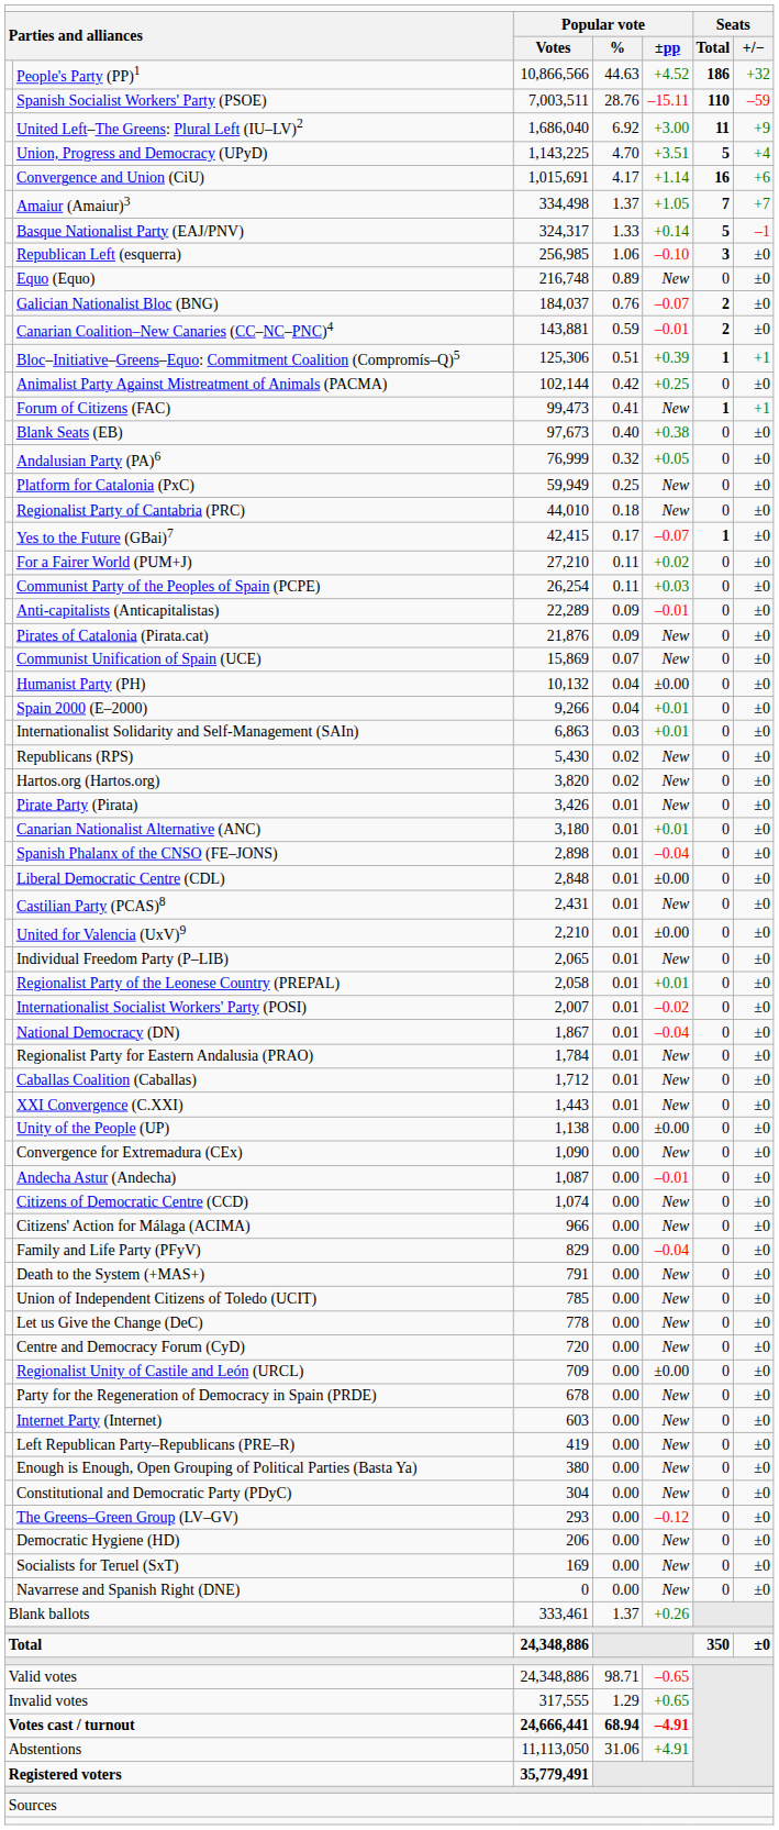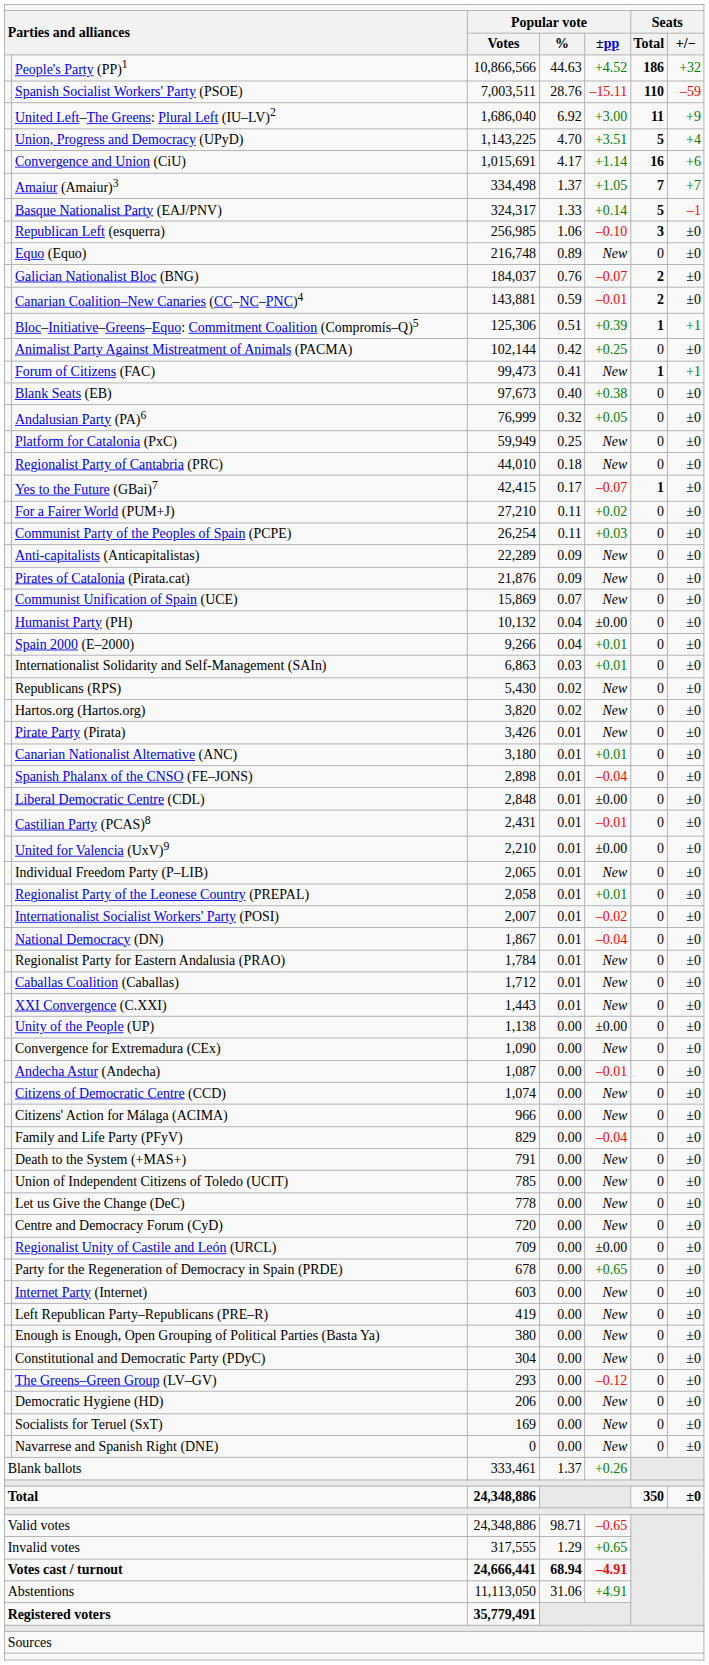 <table class="wikitable" style="text-align:right;">
 <tr>
 <td colspan="7"></td>
 </tr>
 <tr>
 <th style="text-align:left;" rowspan="2" colspan="2" width="525">Parties and alliances</th>
 <th colspan="3">Popular vote</th>
 <th colspan="2">Seats</th>
 </tr>
 <tr>
 <th width="75">Votes</th>
 <th width="45">%</th>
 <th width="45">±<a href='#'>pp</a></th>
 <th width="35">Total</th>
 <th width="35">+/−</th>
 </tr>
 <tr>
 <td width="1" style="color:inherit;background:"></td>
 <td align="left"><a href='#'>People's Party</a> (PP)<sup>1</sup></td>
 <td>10,866,566</td>
 <td>44.63</td>
 <td style="color:green;">+4.52</td>
 <td><strong>186</strong></td>
 <td style="color:green;">+32</td>
 </tr>
 <tr>
 <td style="color:inherit;background:"></td>
 <td align="left"><a href='#'>Spanish Socialist Workers' Party</a> (PSOE)</td>
 <td>7,003,511</td>
 <td>28.76</td>
 <td style="color:red;">–15.11</td>
 <td><strong>110</strong></td>
 <td style="color:red;">–59</td>
 </tr>
 <tr>
 <td style="color:inherit;background:"></td>
 <td align="left"><a href='#'>United Left</a>–<a href='#'>The Greens</a>: <a href='#'>Plural Left</a> (IU–LV)<sup>2</sup></td>
 <td>1,686,040</td>
 <td>6.92</td>
 <td style="color:green;">+3.00</td>
 <td><strong>11</strong></td>
 <td style="color:green;">+9</td>
 </tr>
 <tr>
 <td style="color:inherit;background:"></td>
 <td align="left"><a href='#'>Union, Progress and Democracy</a> (UPyD)</td>
 <td>1,143,225</td>
 <td>4.70</td>
 <td style="color:green;">+3.51</td>
 <td><strong>5</strong></td>
 <td style="color:green;">+4</td>
 </tr>
 <tr>
 <td style="color:inherit;background:"></td>
 <td align="left"><a href='#'>Convergence and Union</a> (CiU)</td>
 <td>1,015,691</td>
 <td>4.17</td>
 <td style="color:green;">+1.14</td>
 <td><strong>16</strong></td>
 <td style="color:green;">+6</td>
 </tr>
 <tr>
 <td style="color:inherit;background:"></td>
 <td align="left"><a href='#'>Amaiur</a> (Amaiur)<sup>3</sup></td>
 <td>334,498</td>
 <td>1.37</td>
 <td style="color:green;">+1.05</td>
 <td><strong>7</strong></td>
 <td style="color:green;">+7</td>
 </tr>
 <tr>
 <td style="color:inherit;background:"></td>
 <td align="left"><a href='#'>Basque Nationalist Party</a> (EAJ/PNV)</td>
 <td>324,317</td>
 <td>1.33</td>
 <td style="color:green;">+0.14</td>
 <td><strong>5</strong></td>
 <td style="color:red;">–1</td>
 </tr>
 <tr>
 <td style="color:inherit;background:"></td>
 <td align="left"><a href='#'>Republican Left</a> (esquerra)</td>
 <td>256,985</td>
 <td>1.06</td>
 <td style="color:red;">–0.10</td>
 <td><strong>3</strong></td>
 <td>±0</td>
 </tr>
 <tr>
 <td style="color:inherit;background:"></td>
 <td align="left"><a href='#'>Equo</a> (Equo)</td>
 <td>216,748</td>
 <td>0.89</td>
 <td><em>New</em></td>
 <td>0</td>
 <td>±0</td>
 </tr>
 <tr>
 <td style="color:inherit;background:"></td>
 <td align="left"><a href='#'>Galician Nationalist Bloc</a> (BNG)</td>
 <td>184,037</td>
 <td>0.76</td>
 <td style="color:red;">–0.07</td>
 <td><strong>2</strong></td>
 <td>±0</td>
 </tr>
 <tr>
 <td style="color:inherit;background:"></td>
 <td align="left"><a href='#'>Canarian Coalition–New Canaries</a> (<a href='#'>CC</a>–<a href='#'>NC</a>–<a href='#'>PNC</a>)<sup>4</sup></td>
 <td>143,881</td>
 <td>0.59</td>
 <td style="color:red;">–0.01</td>
 <td><strong>2</strong></td>
 <td>±0</td>
 </tr>
 <tr>
 <td style="color:inherit;background:"></td>
 <td align="left"><a href='#'>Bloc</a>–<a href='#'>Initiative</a>–<a href='#'>Greens</a>–<a href='#'>Equo</a>: <a href='#'>Commitment Coalition</a> (Compromís–Q)<sup>5</sup></td>
 <td>125,306</td>
 <td>0.51</td>
 <td style="color:green;">+0.39</td>
 <td><strong>1</strong></td>
 <td style="color:green;">+1</td>
 </tr>
 <tr>
 <td style="color:inherit;background:"></td>
 <td align="left"><a href='#'>Animalist Party Against Mistreatment of Animals</a> (PACMA)</td>
 <td>102,144</td>
 <td>0.42</td>
 <td style="color:green;">+0.25</td>
 <td>0</td>
 <td>±0</td>
 </tr>
 <tr>
 <td style="color:inherit;background:"></td>
 <td align="left"><a href='#'>Forum of Citizens</a> (FAC)</td>
 <td>99,473</td>
 <td>0.41</td>
 <td><em>New</em></td>
 <td><strong>1</strong></td>
 <td style="color:green;">+1</td>
 </tr>
 <tr>
 <td style="color:inherit;background:"></td>
 <td align="left"><a href='#'>Blank Seats</a> (EB)</td>
 <td>97,673</td>
 <td>0.40</td>
 <td style="color:green;">+0.38</td>
 <td>0</td>
 <td>±0</td>
 </tr>
 <tr>
 <td style="color:inherit;background:"></td>
 <td align="left"><a href='#'>Andalusian Party</a> (PA)<sup>6</sup></td>
 <td>76,999</td>
 <td>0.32</td>
 <td style="color:green;">+0.05</td>
 <td>0</td>
 <td>±0</td>
 </tr>
 <tr>
 <td style="color:inherit;background:"></td>
 <td align="left"><a href='#'>Platform for Catalonia</a> (PxC)</td>
 <td>59,949</td>
 <td>0.25</td>
 <td><em>New</em></td>
 <td>0</td>
 <td>±0</td>
 </tr>
 <tr>
 <td style="color:inherit;background:"></td>
 <td align="left"><a href='#'>Regionalist Party of Cantabria</a> (PRC)</td>
 <td>44,010</td>
 <td>0.18</td>
 <td><em>New</em></td>
 <td>0</td>
 <td>±0</td>
 </tr>
 <tr>
 <td style="color:inherit;background:"></td>
 <td align="left"><a href='#'>Yes to the Future</a> (GBai)<sup>7</sup></td>
 <td>42,415</td>
 <td>0.17</td>
 <td style="color:red;">–0.07</td>
 <td><strong>1</strong></td>
 <td>±0</td>
 </tr>
 <tr>
 <td style="color:inherit;background:"></td>
 <td align="left"><a href='#'>For a Fairer World</a> (PUM+J)</td>
 <td>27,210</td>
 <td>0.11</td>
 <td style="color:green;">+0.02</td>
 <td>0</td>
 <td>±0</td>
 </tr>
 <tr>
 <td style="color:inherit;background:"></td>
 <td align="left"><a href='#'>Communist Party of the Peoples of Spain</a> (PCPE)</td>
 <td>26,254</td>
 <td>0.11</td>
 <td style="color:green;">+0.03</td>
 <td>0</td>
 <td>±0</td>
 </tr>
 <tr>
 <td style="color:inherit;background:"></td>
 <td align="left"><a href='#'>Anti-capitalists</a> (Anticapitalistas)</td>
 <td>22,289</td>
 <td>0.09</td>
-<td style="color:red;">–0.01</td>
+<td><em>New</em></td>
 <td>0</td>
 <td>±0</td>
 </tr>
 <tr>
 <td style="color:inherit;background:"></td>
 <td align="left"><a href='#'>Pirates of Catalonia</a> (Pirata.cat)</td>
 <td>21,876</td>
 <td>0.09</td>
 <td><em>New</em></td>
 <td>0</td>
 <td>±0</td>
 </tr>
 <tr>
 <td style="color:inherit;background:"></td>
 <td align="left"><a href='#'>Communist Unification of Spain</a> (UCE)</td>
 <td>15,869</td>
 <td>0.07</td>
 <td><em>New</em></td>
 <td>0</td>
 <td>±0</td>
 </tr>
 <tr>
 <td style="color:inherit;background:"></td>
 <td align="left"><a href='#'>Humanist Party</a> (PH)</td>
 <td>10,132</td>
 <td>0.04</td>
 <td>±0.00</td>
 <td>0</td>
 <td>±0</td>
 </tr>
 <tr>
 <td style="color:inherit;background:"></td>
 <td align="left"><a href='#'>Spain 2000</a> (E–2000)</td>
 <td>9,266</td>
 <td>0.04</td>
 <td style="color:green;">+0.01</td>
 <td>0</td>
 <td>±0</td>
 </tr>
 <tr>
 <td style="color:inherit;background:"></td>
 <td align="left">Internationalist Solidarity and Self-Management (SAIn)</td>
 <td>6,863</td>
 <td>0.03</td>
 <td style="color:green;">+0.01</td>
 <td>0</td>
 <td>±0</td>
 </tr>
 <tr>
 <td style="color:inherit;background:"></td>
 <td align="left">Republicans (RPS)</td>
 <td>5,430</td>
 <td>0.02</td>
 <td><em>New</em></td>
 <td>0</td>
 <td>±0</td>
 </tr>
 <tr>
 <td style="color:inherit;background:"></td>
 <td align="left">Hartos.org (Hartos.org)</td>
 <td>3,820</td>
 <td>0.02</td>
 <td><em>New</em></td>
 <td>0</td>
 <td>±0</td>
 </tr>
 <tr>
 <td style="color:inherit;background:"></td>
 <td align="left"><a href='#'>Pirate Party</a> (Pirata)</td>
 <td>3,426</td>
 <td>0.01</td>
 <td><em>New</em></td>
 <td>0</td>
 <td>±0</td>
 </tr>
 <tr>
 <td style="color:inherit;background:"></td>
 <td align="left"><a href='#'>Canarian Nationalist Alternative</a> (ANC)</td>
 <td>3,180</td>
 <td>0.01</td>
 <td style="color:green;">+0.01</td>
 <td>0</td>
 <td>±0</td>
 </tr>
 <tr>
 <td style="color:inherit;background:"></td>
 <td align="left"><a href='#'>Spanish Phalanx of the CNSO</a> (FE–JONS)</td>
 <td>2,898</td>
 <td>0.01</td>
 <td style="color:red;">–0.04</td>
 <td>0</td>
 <td>±0</td>
 </tr>
 <tr>
 <td style="color:inherit;background:"></td>
 <td align="left"><a href='#'>Liberal Democratic Centre</a> (CDL)</td>
 <td>2,848</td>
 <td>0.01</td>
 <td>±0.00</td>
 <td>0</td>
 <td>±0</td>
 </tr>
 <tr>
 <td style="color:inherit;background:"></td>
 <td align="left"><a href='#'>Castilian Party</a> (PCAS)<sup>8</sup></td>
 <td>2,431</td>
 <td>0.01</td>
-<td><em>New</em></td>
+<td style="color:red;">–0.01</td>
 <td>0</td>
 <td>±0</td>
 </tr>
 <tr>
 <td style="color:inherit;background:"></td>
 <td align="left"><a href='#'>United for Valencia</a> (UxV)<sup>9</sup></td>
 <td>2,210</td>
 <td>0.01</td>
 <td>±0.00</td>
 <td>0</td>
 <td>±0</td>
 </tr>
 <tr>
 <td style="color:inherit;background:"></td>
 <td align="left">Individual Freedom Party (P–LIB)</td>
 <td>2,065</td>
 <td>0.01</td>
 <td><em>New</em></td>
 <td>0</td>
 <td>±0</td>
 </tr>
 <tr>
 <td style="color:inherit;background:"></td>
 <td align="left"><a href='#'>Regionalist Party of the Leonese Country</a> (PREPAL)</td>
 <td>2,058</td>
 <td>0.01</td>
 <td style="color:green;">+0.01</td>
 <td>0</td>
 <td>±0</td>
 </tr>
 <tr>
 <td style="color:inherit;background:"></td>
 <td align="left"><a href='#'>Internationalist Socialist Workers' Party</a> (POSI)</td>
 <td>2,007</td>
 <td>0.01</td>
 <td style="color:red;">–0.02</td>
 <td>0</td>
 <td>±0</td>
 </tr>
 <tr>
 <td style="color:inherit;background:"></td>
 <td align="left"><a href='#'>National Democracy</a> (DN)</td>
 <td>1,867</td>
 <td>0.01</td>
 <td style="color:red;">–0.04</td>
 <td>0</td>
 <td>±0</td>
 </tr>
 <tr>
 <td style="color:inherit;background:"></td>
 <td align="left">Regionalist Party for Eastern Andalusia (PRAO)</td>
 <td>1,784</td>
 <td>0.01</td>
 <td><em>New</em></td>
 <td>0</td>
 <td>±0</td>
 </tr>
 <tr>
 <td style="color:inherit;background:"></td>
 <td align="left"><a href='#'>Caballas Coalition</a> (Caballas)</td>
 <td>1,712</td>
 <td>0.01</td>
 <td><em>New</em></td>
 <td>0</td>
 <td>±0</td>
 </tr>
 <tr>
 <td style="color:inherit;background:"></td>
 <td align="left"><a href='#'>XXI Convergence</a> (C.XXI)</td>
 <td>1,443</td>
 <td>0.01</td>
 <td><em>New</em></td>
 <td>0</td>
 <td>±0</td>
 </tr>
 <tr>
 <td style="color:inherit;background:"></td>
 <td align="left"><a href='#'>Unity of the People</a> (UP)</td>
 <td>1,138</td>
 <td>0.00</td>
 <td>±0.00</td>
 <td>0</td>
 <td>±0</td>
 </tr>
 <tr>
 <td style="color:inherit;background:"></td>
 <td align="left">Convergence for Extremadura (CEx)</td>
 <td>1,090</td>
 <td>0.00</td>
 <td><em>New</em></td>
 <td>0</td>
 <td>±0</td>
 </tr>
 <tr>
 <td style="color:inherit;background:"></td>
 <td align="left"><a href='#'>Andecha Astur</a> (Andecha)</td>
 <td>1,087</td>
 <td>0.00</td>
 <td style="color:red;">–0.01</td>
 <td>0</td>
 <td>±0</td>
 </tr>
 <tr>
 <td style="color:inherit;background:"></td>
 <td align="left"><a href='#'>Citizens of Democratic Centre</a> (CCD)</td>
 <td>1,074</td>
 <td>0.00</td>
 <td><em>New</em></td>
 <td>0</td>
 <td>±0</td>
 </tr>
 <tr>
 <td style="color:inherit;background:"></td>
 <td align="left">Citizens' Action for Málaga (ACIMA)</td>
 <td>966</td>
 <td>0.00</td>
 <td><em>New</em></td>
 <td>0</td>
 <td>±0</td>
 </tr>
 <tr>
 <td style="color:inherit;background:"></td>
 <td align="left">Family and Life Party (PFyV)</td>
 <td>829</td>
 <td>0.00</td>
 <td style="color:red;">–0.04</td>
 <td>0</td>
 <td>±0</td>
 </tr>
 <tr>
 <td style="color:inherit;background:"></td>
 <td align="left">Death to the System (+MAS+)</td>
 <td>791</td>
 <td>0.00</td>
 <td><em>New</em></td>
 <td>0</td>
 <td>±0</td>
 </tr>
 <tr>
 <td style="color:inherit;background:"></td>
 <td align="left">Union of Independent Citizens of Toledo (UCIT)</td>
 <td>785</td>
 <td>0.00</td>
 <td><em>New</em></td>
 <td>0</td>
 <td>±0</td>
 </tr>
 <tr>
 <td style="color:inherit;background:"></td>
 <td align="left">Let us Give the Change (DeC)</td>
 <td>778</td>
 <td>0.00</td>
 <td><em>New</em></td>
 <td>0</td>
 <td>±0</td>
 </tr>
 <tr>
 <td style="color:inherit;background:"></td>
 <td align="left">Centre and Democracy Forum (CyD)</td>
 <td>720</td>
 <td>0.00</td>
 <td><em>New</em></td>
 <td>0</td>
 <td>±0</td>
 </tr>
 <tr>
 <td style="color:inherit;background:"></td>
 <td align="left"><a href='#'>Regionalist Unity of Castile and León</a> (URCL)</td>
 <td>709</td>
 <td>0.00</td>
 <td>±0.00</td>
 <td>0</td>
 <td>±0</td>
 </tr>
 <tr>
 <td style="color:inherit;background:"></td>
 <td align="left">Party for the Regeneration of Democracy in Spain (PRDE)</td>
 <td>678</td>
 <td>0.00</td>
-<td><em>New</em></td>
+<td style="color:green;">+0.65</td>
 <td>0</td>
 <td>±0</td>
 </tr>
 <tr>
 <td style="color:inherit;background:"></td>
 <td align="left"><a href='#'>Internet Party</a> (Internet)</td>
 <td>603</td>
 <td>0.00</td>
 <td><em>New</em></td>
 <td>0</td>
 <td>±0</td>
 </tr>
 <tr>
 <td style="color:inherit;background:"></td>
 <td align="left">Left Republican Party–Republicans (PRE–R)</td>
 <td>419</td>
 <td>0.00</td>
 <td><em>New</em></td>
 <td>0</td>
 <td>±0</td>
 </tr>
 <tr>
 <td style="color:inherit;background:"></td>
 <td align="left">Enough is Enough, Open Grouping of Political Parties (Basta Ya)</td>
 <td>380</td>
 <td>0.00</td>
 <td><em>New</em></td>
 <td>0</td>
 <td>±0</td>
 </tr>
 <tr>
 <td style="color:inherit;background:"></td>
 <td align="left">Constitutional and Democratic Party (PDyC)</td>
 <td>304</td>
 <td>0.00</td>
 <td><em>New</em></td>
 <td>0</td>
 <td>±0</td>
 </tr>
 <tr>
 <td style="color:inherit;background:"></td>
 <td align="left"><a href='#'>The Greens–Green Group</a> (LV–GV)</td>
 <td>293</td>
 <td>0.00</td>
 <td style="color:red;">–0.12</td>
 <td>0</td>
 <td>±0</td>
 </tr>
 <tr>
 <td style="color:inherit;background:"></td>
 <td align="left">Democratic Hygiene (HD)</td>
 <td>206</td>
 <td>0.00</td>
 <td><em>New</em></td>
 <td>0</td>
 <td>±0</td>
 </tr>
 <tr>
 <td style="color:inherit;background:"></td>
 <td align="left">Socialists for Teruel (SxT)</td>
 <td>169</td>
 <td>0.00</td>
 <td><em>New</em></td>
 <td>0</td>
 <td>±0</td>
 </tr>
 <tr>
 <td style="color:inherit;background:"></td>
 <td align="left">Navarrese and Spanish Right (DNE)</td>
 <td>0</td>
 <td>0.00</td>
 <td><em>New</em></td>
 <td>0</td>
 <td>±0</td>
 </tr>
 <tr>
 <td align="left" colspan="2">Blank ballots</td>
 <td>333,461</td>
 <td>1.37</td>
 <td style="color:green;">+0.26</td>
 <td bgcolor="#E9E9E9" colspan="2"></td>
 </tr>
 <tr>
 <td colspan="7" bgcolor="#E9E9E9"></td>
 </tr>
 <tr style="font-weight:bold;">
 <td align="left" colspan="2">Total</td>
 <td>24,348,886</td>
 <td bgcolor="#E9E9E9" colspan="2"></td>
 <td>350</td>
 <td>±0</td>
 </tr>
 <tr>
 <td colspan="7" bgcolor="#E9E9E9"></td>
 </tr>
 <tr>
 <td align="left" colspan="2">Valid votes</td>
 <td>24,348,886</td>
 <td>98.71</td>
 <td style="color:red;">–0.65</td>
 <td bgcolor="#E9E9E9" colspan="2" rowspan="5"></td>
 </tr>
 <tr>
 <td align="left" colspan="2">Invalid votes</td>
 <td>317,555</td>
 <td>1.29</td>
 <td style="color:green;">+0.65</td>
 </tr>
 <tr style="font-weight:bold;">
 <td align="left" colspan="2">Votes cast / turnout</td>
 <td>24,666,441</td>
 <td>68.94</td>
 <td style="color:red;">–4.91</td>
 </tr>
 <tr>
 <td align="left" colspan="2">Abstentions</td>
 <td>11,113,050</td>
 <td>31.06</td>
 <td style="color:green;">+4.91</td>
 </tr>
 <tr style="font-weight:bold;">
 <td align="left" colspan="2">Registered voters</td>
 <td>35,779,491</td>
 <td bgcolor="#E9E9E9" colspan="2"></td>
 </tr>
 <tr>
 <td colspan="7" bgcolor="#E9E9E9"></td>
 </tr>
 <tr>
 <td align="left" colspan="7">Sources</td>
 </tr>
 <tr>
 <td colspan="7" style="text-align:left; max-width:790px;"></td>
 </tr>
 </table>
